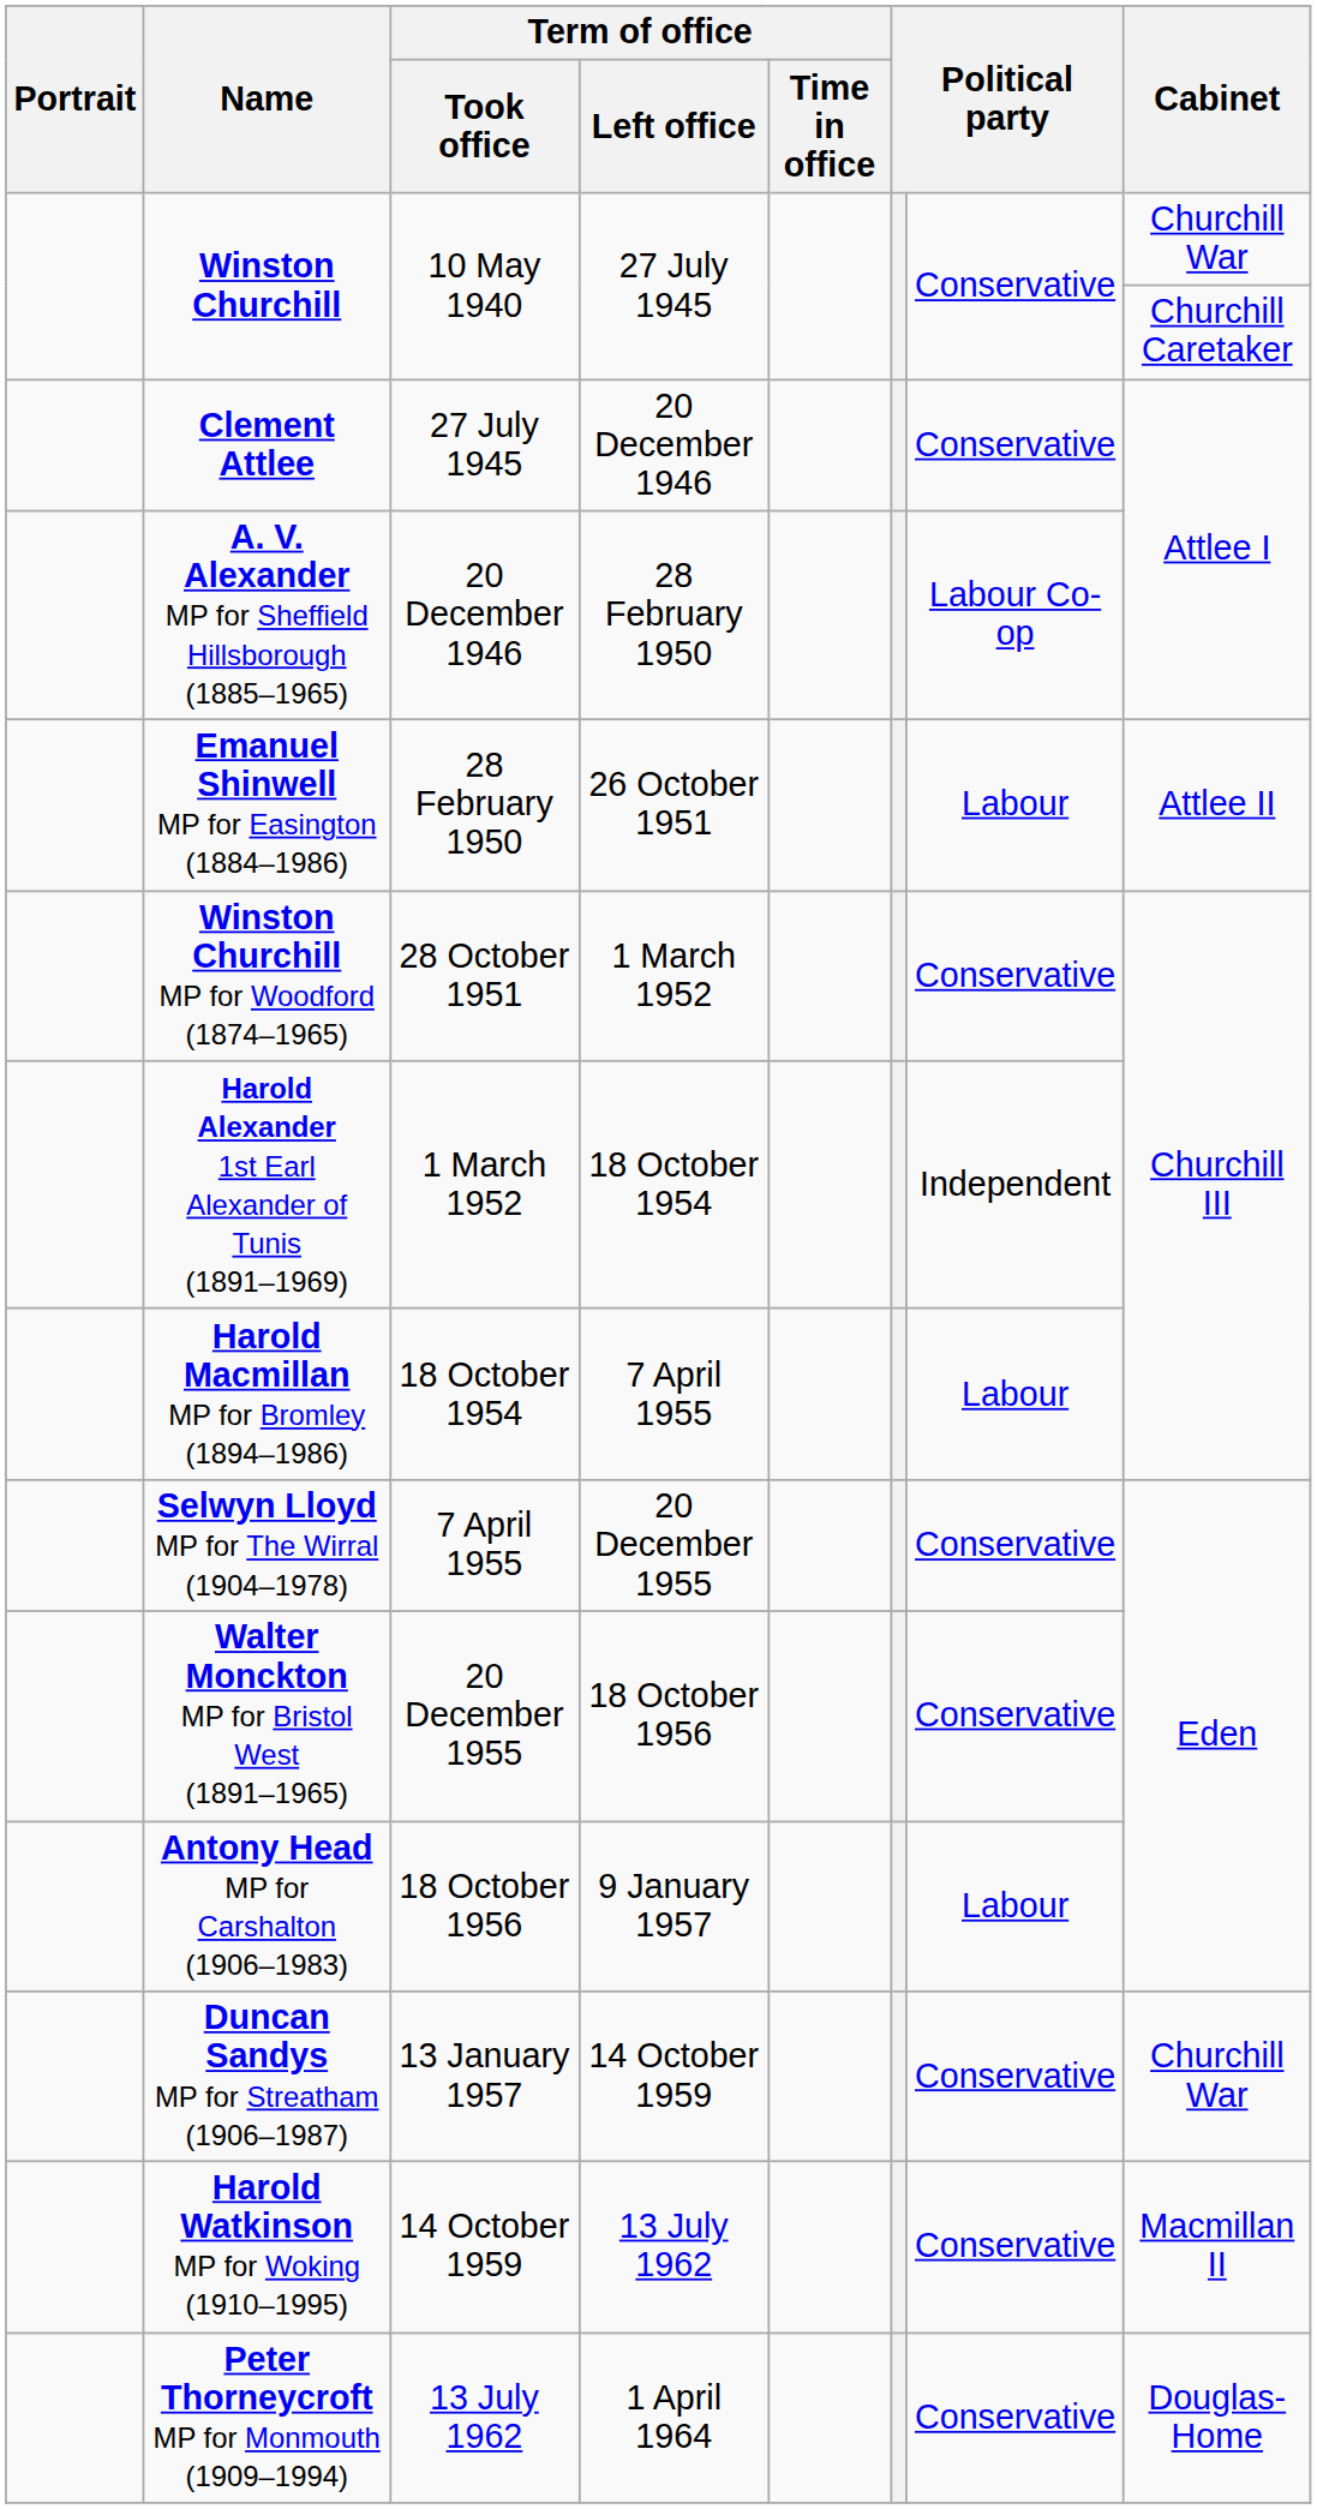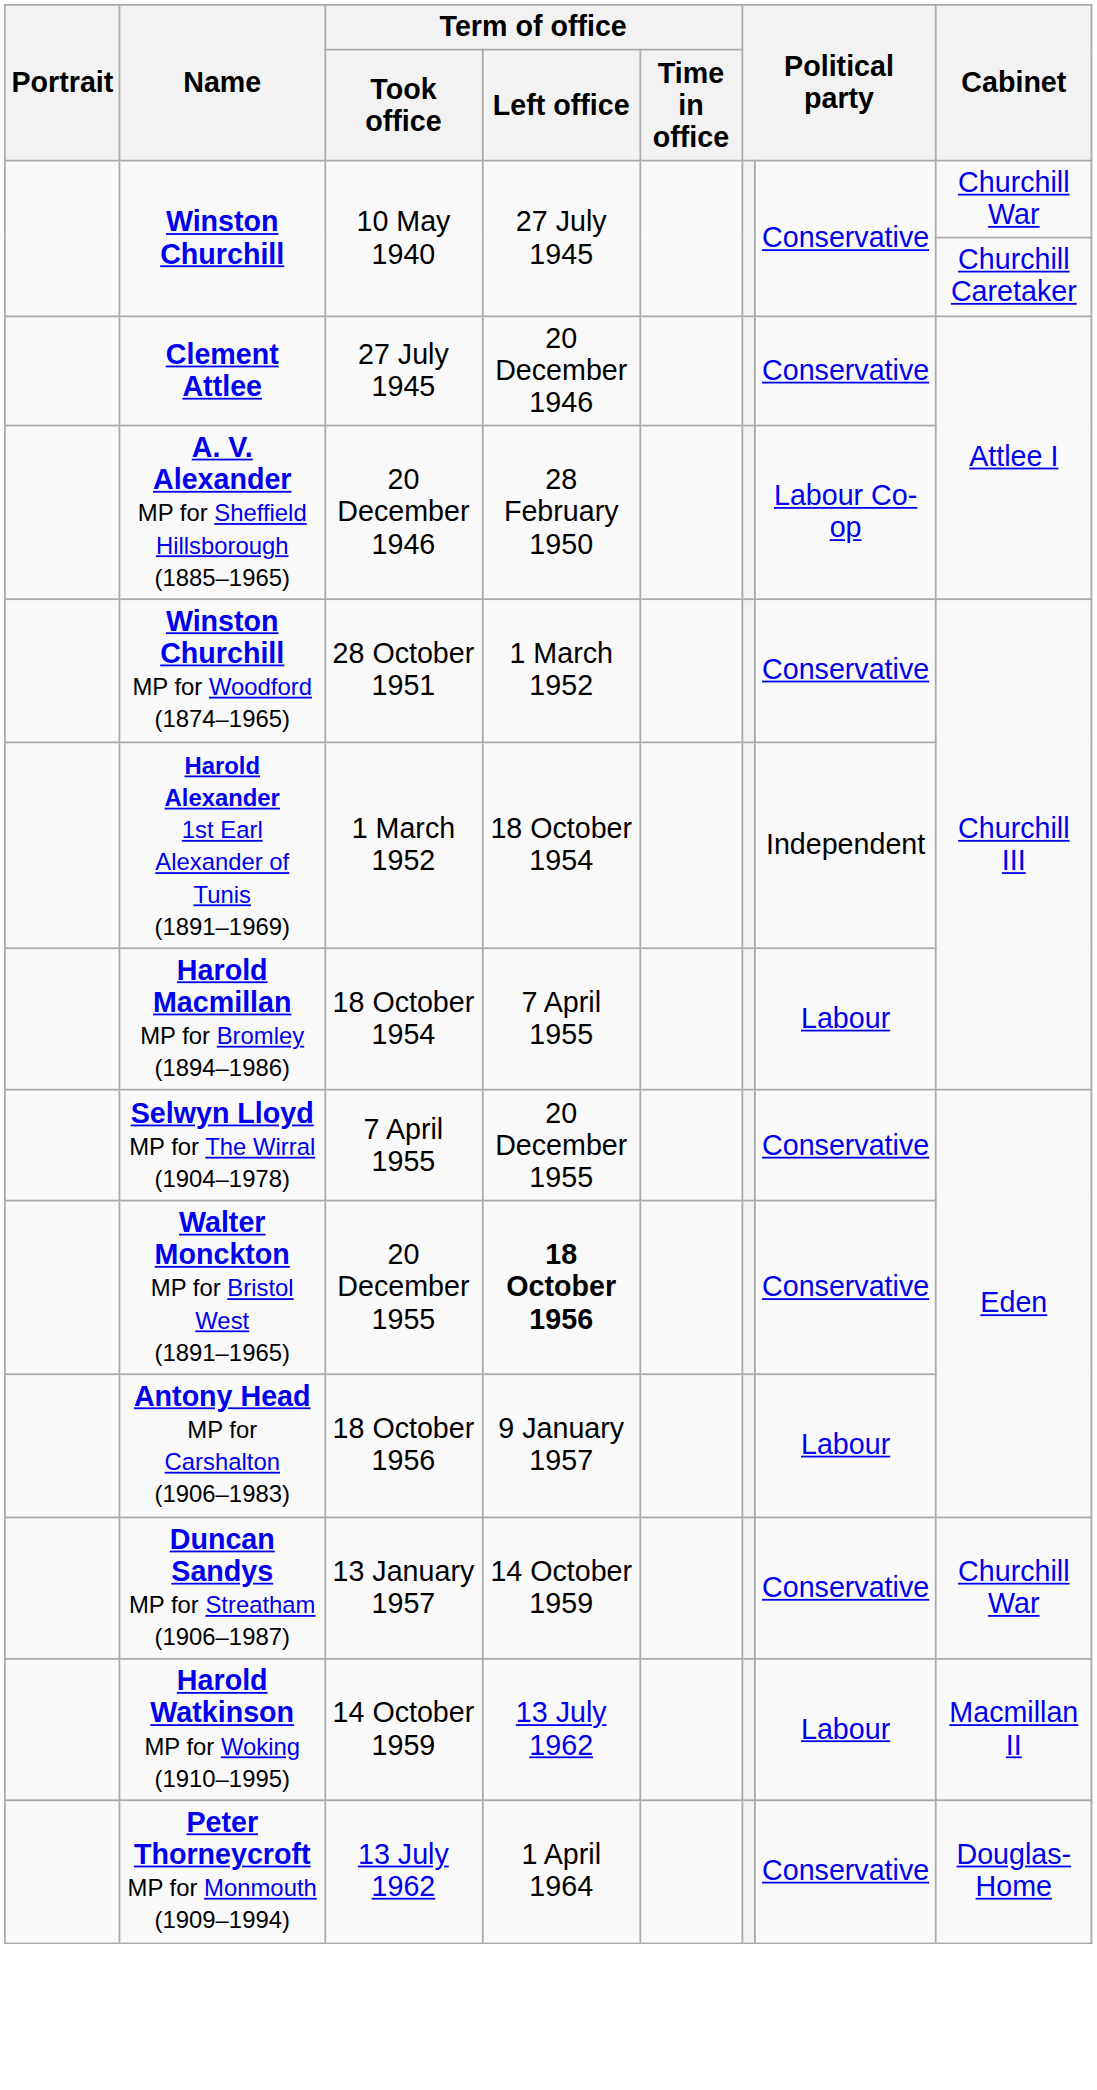 <table class="wikitable" style="text-align:center">
 <tr>
 <th rowspan="2">Portrait</th>
 <th rowspan="2">Name <br></th>
 <th colspan="3">Term of office</th>
 <th colspan="2" rowspan="2">Political party</th>
 <th rowspan="2">Cabinet</th>
 </tr>
 <tr>
 <th>Took office</th>
 <th>Left office</th>
 <th>Time in office</th>
 </tr>
 <tr>
 <td rowspan="2"></td>
 <td rowspan="2"><strong><a href='#'>Winston Churchill</a></strong><br></td>
 <td rowspan="2">10 May 1940</td>
 <td rowspan="2">27 July 1945</td>
 <td rowspan="2"><small></small></td>
 <th rowspan="2" style="background-color:"></th>
 <td rowspan="2" ><a href='#'>Conservative</a></td>
 <td><a href='#'>Churchill War</a></td>
 </tr>
 <tr>
 <td><a href='#'>Churchill Caretaker</a></td>
 </tr>
 <tr>
 <td></td>
 <td><strong><a href='#'>Clement Attlee</a></strong><br></td>
 <td>27 July 1945</td>
 <td>20 December 1946</td>
 <td><small></small></td>
 <th style="background-color:"></th>
 <td><a href='#'>Conservative</a></td>
 <td rowspan="2" ><a href='#'>Attlee I</a></td>
 </tr>
 <tr>
 <td></td>
 <td><strong><a href='#'>A. V. Alexander</a></strong><br><small>MP for <a href='#'>Sheffield Hillsborough</a><br>(1885–1965)</small></td>
 <td>20 December 1946</td>
 <td>28 February 1950</td>
 <td><small></small></td>
 <th style="background-color:"></th>
 <td><a href='#'>Labour Co-op</a></td>
 </tr>
 <tr>
 <td></td>
-<td><strong><a href='#'>Emanuel Shinwell</a></strong><br><small>MP for <a href='#'>Easington</a><br>(1884–1986)</small></td>
-<td>28 February 1950</td>
-<td>26 October 1951</td>
-<td><small></small></td>
-<th style="background-color:"></th>
-<td><a href='#'>Labour</a></td>
-<td><a href='#'>Attlee II</a></td>
-</tr>
-<tr>
-<td></td>
 <td><strong><a href='#'>Winston Churchill</a></strong><br><small>MP for <a href='#'>Woodford</a><br>(1874–1965)</small></td>
 <td>28 October 1951</td>
 <td>1 March 1952</td>
 <td><small></small></td>
 <th style="background-color:"></th>
 <td><a href='#'>Conservative</a></td>
 <td rowspan="3" ><a href='#'>Churchill III</a></td>
 </tr>
 <tr>
 <td></td>
 <td><small><a href='#'><strong>Harold Alexander</strong><br>1st Earl Alexander of Tunis</a><br>(1891–1969)</small></td>
 <td>1 March 1952</td>
 <td>18 October 1954</td>
 <td><small></small></td>
 <th style="background-color:"></th>
 <td>Independent</td>
 </tr>
 <tr>
 <td></td>
 <td><strong><a href='#'>Harold Macmillan</a></strong><br><small>MP for <a href='#'>Bromley</a><br>(1894–1986)</small></td>
 <td>18 October 1954</td>
 <td>7 April 1955</td>
 <td><small></small></td>
 <th style="background-color:"></th>
 <td><a href='#'>Labour</a></td>
 </tr>
 <tr>
 <td></td>
 <td><strong><a href='#'>Selwyn Lloyd</a></strong><br><small>MP for <a href='#'>The Wirral</a><br>(1904–1978)</small></td>
 <td>7 April 1955</td>
 <td>20 December 1955</td>
 <td><small></small></td>
 <th style="background-color:"></th>
 <td><a href='#'>Conservative</a></td>
 <td rowspan="3" ><a href='#'>Eden</a></td>
 </tr>
 <tr>
 <td></td>
 <td><strong><a href='#'>Walter Monckton</a></strong><br><small>MP for <a href='#'>Bristol West</a><br>(1891–1965)</small></td>
 <td>20 December 1955</td>
-<td>18 October 1956</td>
+<td><strong>18 October 1956</strong></td>
 <td><small></small></td>
 <th style="background-color:"></th>
 <td><a href='#'>Conservative</a></td>
 </tr>
 <tr>
 <td></td>
 <td><strong><a href='#'>Antony Head</a></strong><br><small>MP for <a href='#'>Carshalton</a><br>(1906–1983)</small></td>
 <td>18 October 1956</td>
 <td>9 January 1957</td>
 <td><small></small></td>
 <th style="background-color:"></th>
 <td><a href='#'>Labour</a></td>
 </tr>
 <tr>
 <td></td>
 <td><strong><a href='#'>Duncan Sandys</a></strong><br><small>MP for <a href='#'>Streatham</a><br>(1906–1987)</small></td>
 <td>13 January 1957</td>
 <td>14 October 1959</td>
 <td><small></small></td>
 <th style="background-color:"></th>
 <td><a href='#'>Conservative</a></td>
 <td><a href='#'>Churchill War</a></td>
 </tr>
 <tr>
 <td></td>
 <td><strong><a href='#'>Harold Watkinson</a></strong><br><small>MP for <a href='#'>Woking</a><br>(1910–1995)</small></td>
 <td>14 October 1959</td>
 <td><a href='#'>13 July 1962</a></td>
 <td><small></small></td>
 <th style="background-color:"></th>
-<td><a href='#'>Conservative</a></td>
+<td><a href='#'>Labour</a></td>
 <td rowspan="2" ><a href='#'>Macmillan II</a></td>
 </tr>
 <tr>
 <td rowspan="2"></td>
 <td rowspan="2"><strong><a href='#'>Peter Thorneycroft</a></strong><br><small>MP for <a href='#'>Monmouth</a><br>(1909–1994)</small></td>
 <td rowspan="2"><a href='#'>13 July 1962</a></td>
 <td rowspan="2">1 April 1964</td>
 <td rowspan="2"><small></small></td>
 <th rowspan="2" style="background-color:"></th>
 <td rowspan="2" ><a href='#'>Conservative</a></td>
 </tr>
 <tr>
 <td><a href='#'>Douglas-Home</a></td>
 </tr>
 </table>
